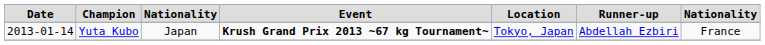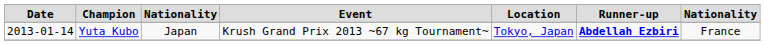 <table class="wikitable" style="text-align:center">
 <tr>
 </tr>
 <tr bgcolor="#dddddd">
 <td><strong>Date</strong></td>
 <td><strong>Champion</strong></td>
 <td><strong>Nationality</strong></td>
 <td><strong>Event</strong></td>
 <td><strong>Location</strong></td>
 <td><strong>Runner-up</strong></td>
 <td><strong>Nationality</strong></td>
 </tr>
 <tr>
 </tr>
 <tr>
 <td>2013-01-14</td>
 <td><a href='#'>Yuta Kubo</a></td>
 <td> Japan</td>
-<td><strong>Krush Grand Prix 2013 ~67 kg Tournament~</strong></td>
+<td>Krush Grand Prix 2013 ~67 kg Tournament~</td>
 <td><a href='#'>Tokyo, Japan</a></td>
-<td><a href='#'>Abdellah Ezbiri</a></td>
+<td><strong><a href='#'>Abdellah Ezbiri</a></strong></td>
 <td> France</td>
 </tr>
 <tr>
 </tr>
 </table>
